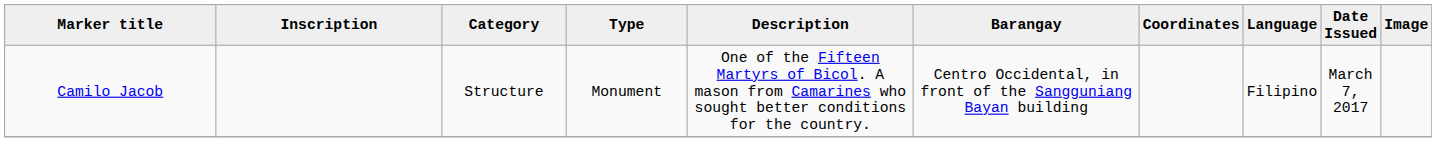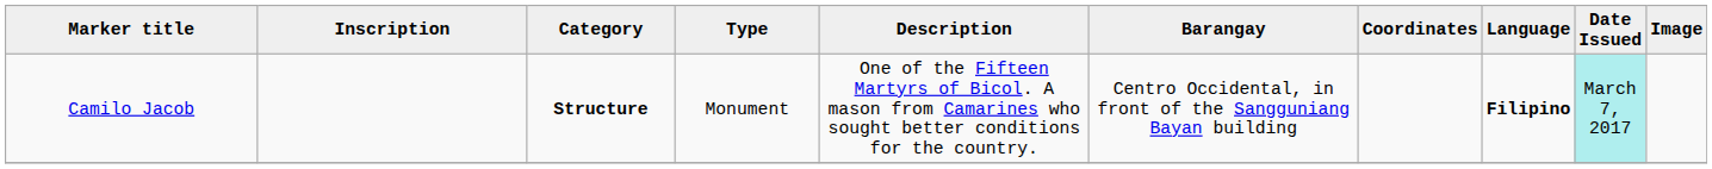 <table class="wikitable" style="width:100%; text-align:center">
 <tr>
 <th style="width:20%; background:#efefef;">Marker title</th>
 <th style="width:20%; background:#efefef;">Inscription</th>
 <th style="width:10%; background:#efefef;">Category</th>
 <th style="width:10%; background:#efefef;">Type</th>
 <th style="width:20%; background:#efefef;">Description</th>
 <th style="width:20%; background:#efefef;">Barangay</th>
 <th style="width:20%; background:#efefef;">Coordinates</th>
 <th style="width:10%; background:#efefef;">Language</th>
 <th style="width:10%; background:#efefef;">Date Issued</th>
 <th style="width:10%; background:#efefef;">Image</th>
 </tr>
 <tr>
 <td><a href='#'>Camilo Jacob</a></td>
 <td><br></td>
-<td>Structure</td>
+<td><strong>Structure</strong></td>
 <td>Monument</td>
 <td>One of the <a href='#'>Fifteen Martyrs of Bicol</a>. A mason from <a href='#'>Camarines</a> who sought better conditions for the country.</td>
 <td>Centro Occidental, in front of the <a href='#'>Sangguniang Bayan</a> building</td>
 <td></td>
-<td>Filipino</td>
-<td>March 7, 2017</td>
+<td><strong>Filipino</strong></td>
+<td style="background: paleturquoise;">March 7, 2017</td>
 <td></td>
 </tr>
 <tr>
 </tr>
 </table>
